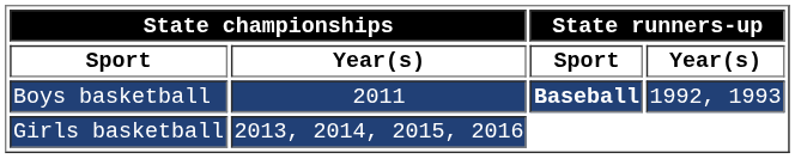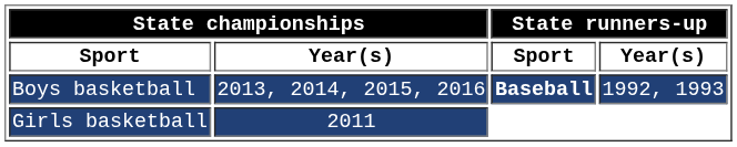 <table style="fixed: right;" border="1">
 <tr align=center style="background: black; color: white">
 <th colspan=2>State championships</th>
 <th colspan=2>State runners-up</th>
 </tr>
 <tr>
 <th>Sport</th>
 <th>Year(s)</th>
 <th>Sport</th>
 <th>Year(s)</th>
 </tr>
 <tr style="background: #214076; color: white">
 <td>Boys basketball</td>
-<td align="center">2011</td>
+<td align="center">2013, 2014, 2015, 2016</td>
 <td><strong>Baseball</strong></td>
 <td align="center">1992, 1993</td>
 </tr>
 <tr style="background: #214076; color: white">
 <td>Girls basketball</td>
-<td align="center">2013, 2014, 2015, 2016</td>
+<td align="center">2011</td>
 </tr>
 </table>
